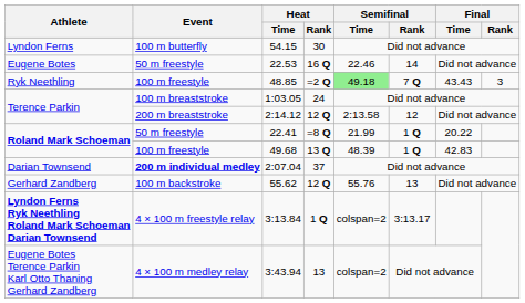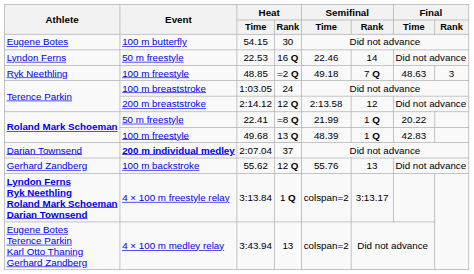 <table class=wikitable style="font-size:90%">
 <tr>
 <th rowspan="2">Athlete</th>
 <th rowspan="2">Event</th>
 <th colspan="2">Heat</th>
 <th colspan="2">Semifinal</th>
 <th colspan="2">Final</th>
 </tr>
 <tr style="font-size:95%">
 <th>Time</th>
 <th>Rank</th>
 <th>Time</th>
 <th>Rank</th>
 <th>Time</th>
 <th>Rank</th>
 </tr>
 <tr align=center>
-<td align=left><a href='#'>Lyndon Ferns</a></td>
+<td align=left><a href='#'>Eugene Botes</a></td>
 <td align=left><a href='#'>100 m butterfly</a></td>
 <td>54.15</td>
 <td>30</td>
 <td colspan=4>Did not advance</td>
 </tr>
 <tr align=center>
-<td align=left><a href='#'>Eugene Botes</a></td>
+<td align=left><a href='#'>Lyndon Ferns</a></td>
 <td align=left><a href='#'>50 m freestyle</a></td>
 <td>22.53</td>
 <td>16 <strong>Q</strong></td>
 <td>22.46</td>
 <td>14</td>
 <td colspan=2>Did not advance</td>
 </tr>
 <tr align=center>
 <td align=left><a href='#'>Ryk Neethling</a></td>
 <td align=left><a href='#'>100 m freestyle</a></td>
 <td>48.85</td>
 <td>=2 <strong>Q</strong></td>
-<td style="background: lightgreen;">49.18</td>
+<td>49.18</td>
 <td>7 <strong>Q</strong></td>
-<td>43.43</td>
+<td>48.63</td>
 <td>3</td>
 </tr>
 <tr align=center>
 <td align=left rowspan=2><a href='#'>Terence Parkin</a></td>
 <td align=left><a href='#'>100 m breaststroke</a></td>
 <td>1:03.05</td>
 <td>24</td>
 <td colspan=4>Did not advance</td>
 </tr>
 <tr align=center>
 <td align=left><a href='#'>200 m breaststroke</a></td>
 <td>2:14.12</td>
 <td>12 <strong>Q</strong></td>
 <td>2:13.58</td>
 <td>12</td>
 <td colspan=2>Did not advance</td>
 </tr>
 <tr align=center>
 <td align=left rowspan=2><strong><a href='#'>Roland Mark Schoeman</a></strong></td>
 <td align=left><a href='#'>50 m freestyle</a></td>
 <td>22.41</td>
 <td>=8 <strong>Q</strong></td>
 <td>21.99</td>
 <td>1 <strong>Q</strong></td>
 <td>20.22</td>
 <td></td>
 </tr>
 <tr align=center>
 <td align=left><a href='#'>100 m freestyle</a></td>
 <td>49.68</td>
 <td>13 <strong>Q</strong></td>
 <td>48.39</td>
 <td>1 <strong>Q</strong></td>
 <td>42.83</td>
 <td></td>
 </tr>
 <tr align=center>
 <td align=left><a href='#'>Darian Townsend</a></td>
 <td align=left><strong><a href='#'>200 m individual medley</a></strong></td>
 <td>2:07.04</td>
 <td>37</td>
 <td colspan=4>Did not advance</td>
 </tr>
 <tr align=center>
 <td align=left><a href='#'>Gerhard Zandberg</a></td>
 <td align=left><a href='#'>100 m backstroke</a></td>
 <td>55.62</td>
 <td>12 <strong>Q</strong></td>
 <td>55.76</td>
 <td>13</td>
 <td colspan=2>Did not advance</td>
 </tr>
 <tr align=center>
 <td align=left><strong><a href='#'>Lyndon Ferns</a><br><a href='#'>Ryk Neethling</a><br><a href='#'>Roland Mark Schoeman</a><br><a href='#'>Darian Townsend</a></strong></td>
 <td align=left><a href='#'>4 × 100 m freestyle relay</a></td>
 <td>3:13.84</td>
 <td>1 <strong>Q</strong></td>
 <td>colspan=2 </td>
 <td>3:13.17 </td>
 <td></td>
 </tr>
 <tr align=center>
 <td align=left><a href='#'>Eugene Botes</a><br><a href='#'>Terence Parkin</a><br><a href='#'>Karl Otto Thaning</a><br><a href='#'>Gerhard Zandberg</a></td>
 <td align=left><a href='#'>4 × 100 m medley relay</a></td>
 <td>3:43.94</td>
 <td>13</td>
 <td>colspan=2 </td>
 <td colspan=2>Did not advance</td>
 </tr>
 </table>
